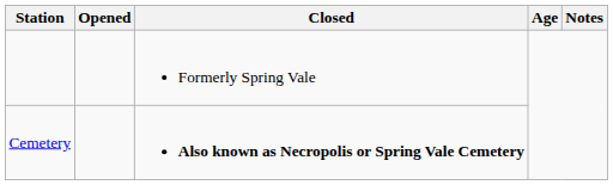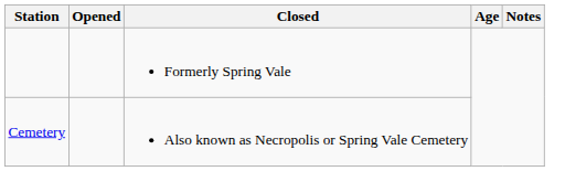 <table class="wikitable sortable">
 <tr>
 <th>Station</th>
 <th>Opened</th>
 <th>Closed</th>
 <th>Age</th>
 <th scope=col class=unsortable>Notes</th>
 </tr>
 <tr>
 <td></td>
 <td></td>
 <td><br><ul><li>Formerly Spring Vale</li></ul></td>
 </tr>
 <tr>
 <td><a href='#'>Cemetery</a></td>
 <td></td>
-<td><strong><br><ul><li>Also known as Necropolis or Spring Vale Cemetery</li></ul></strong></td>
+<td><br><ul><li>Also known as Necropolis or Spring Vale Cemetery</li></ul></td>
 </tr>
 </table>
